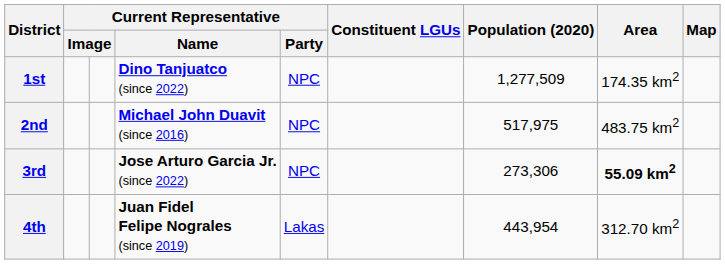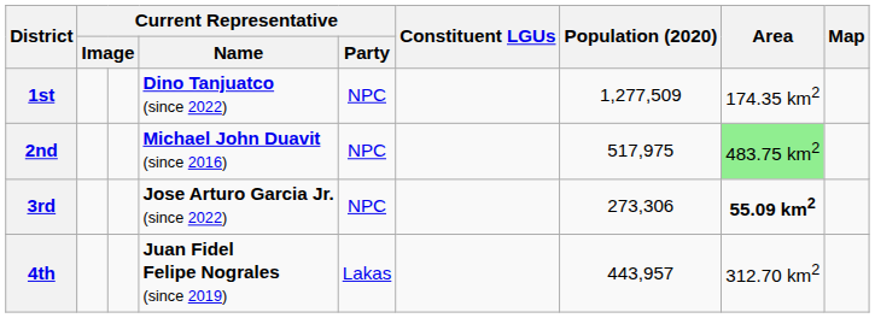 <table class="wikitable sortable" style="margin: 1em auto; font-size:100%; line-height:20px; text-align:center">
 <tr>
 <th rowspan="2">District</th>
 <th colspan="4">Current Representative</th>
 <th rowspan="2">Constituent <a href='#'>LGUs</a></th>
 <th rowspan="2">Population (2020)</th>
 <th rowspan="2">Area</th>
 <th rowspan="2">Map</th>
 </tr>
 <tr>
 <th colspan="2">Image</th>
 <th>Name</th>
 <th>Party</th>
 </tr>
 <tr>
 <th><a href='#'>1st</a></th>
 <td style="background:"></td>
 <td></td>
 <td style="text-align:left;"><strong><a href='#'>Dino Tanjuatco</a></strong><br><small>(since <a href='#'>2022</a>)</small></td>
 <td><a href='#'>NPC</a></td>
 <td></td>
 <td>1,277,509</td>
 <td>174.35 km<sup>2</sup></td>
 <td></td>
 </tr>
 <tr>
 <th><a href='#'>2nd</a></th>
 <td style="background:"></td>
 <td></td>
 <td style="text-align:left;"><strong><a href='#'>Michael John Duavit</a></strong><br><small>(since <a href='#'>2016</a>)</small></td>
 <td><a href='#'>NPC</a></td>
 <td></td>
 <td>517,975</td>
-<td>483.75 km<sup>2</sup></td>
+<td style="background: lightgreen;">483.75 km<sup>2</sup></td>
 <td></td>
 </tr>
 <tr>
 <th><a href='#'>3rd</a></th>
 <td style="background:"></td>
 <td></td>
 <td style="text-align:left;"><strong>Jose Arturo Garcia Jr.</strong><br><small>(since <a href='#'>2022</a>)</small></td>
 <td><a href='#'>NPC</a></td>
 <td></td>
 <td>273,306</td>
 <td><strong>55.09 km<sup>2</sup></strong></td>
 <td></td>
 </tr>
 <tr>
 <th><a href='#'>4th</a></th>
 <td style="background:"></td>
 <td></td>
 <td style="text-align:left;"><strong>Juan Fidel<br>Felipe Nograles</strong><br><small>(since <a href='#'>2019</a>)</small></td>
 <td><a href='#'>Lakas</a></td>
 <td></td>
-<td>443,954</td>
+<td>443,957</td>
 <td>312.70 km<sup>2</sup></td>
 <td></td>
 </tr>
 </table>
